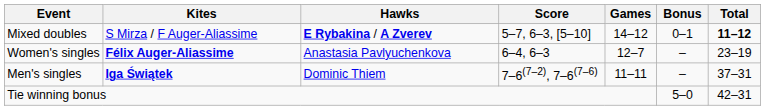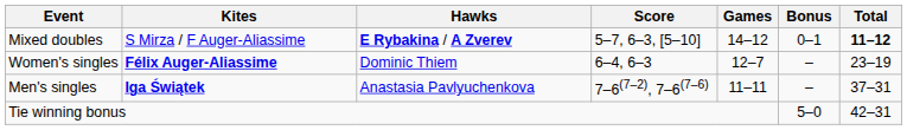 <table class="wikitable nowrap">
 <tr>
 <th>Event</th>
 <th width=250>Kites</th>
 <th width=250>Hawks</th>
 <th width=130>Score</th>
 <th width=60>Games</th>
 <th width=60>Bonus</th>
 <th width=60>Total</th>
 </tr>
 <tr>
 <td>Mixed doubles</td>
 <td> <a href='#'>S Mirza</a> /  <a href='#'>F Auger-Aliassime</a></td>
 <td><strong> <a href='#'>E Rybakina</a></strong> / <strong> <a href='#'>A Zverev</a></strong></td>
 <td>5–7, 6–3, [5–10]</td>
 <td align="center">14–12</td>
 <td align="center">0–1</td>
 <td align="center"><strong>11–12</strong></td>
 </tr>
 <tr>
 <td>Women's singles</td>
 <td><strong> <a href='#'>Félix Auger-Aliassime</a></strong></td>
-<td> <a href='#'>Anastasia Pavlyuchenkova</a></td>
+<td> <a href='#'>Dominic Thiem</a></td>
 <td>6–4, 6–3</td>
 <td align="center">12–7</td>
 <td align="center">–</td>
 <td align="center">23–19</td>
 </tr>
 <tr>
 <td>Men's singles</td>
 <td><strong> <a href='#'>Iga Świątek</a></strong></td>
-<td> <a href='#'>Dominic Thiem</a></td>
+<td> <a href='#'>Anastasia Pavlyuchenkova</a></td>
 <td>7–6<sup>(7–2)</sup>, 7–6<sup>(7–6)</sup></td>
 <td align="center">11–11</td>
 <td align="center">–</td>
 <td align="center">37–31</td>
 </tr>
 <tr>
 <td colspan=5>Tie winning bonus</td>
 <td align="center">5–0</td>
 <td align="center">42–31</td>
 </tr>
 </table>
